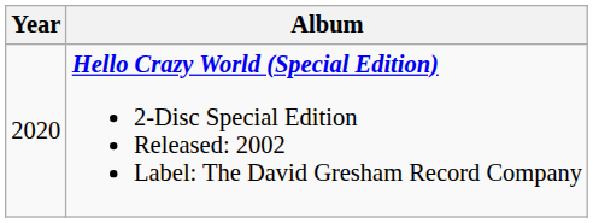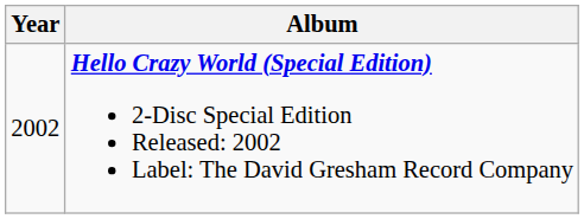 <table class="wikitable">
 <tr>
 <th>Year</th>
 <th>Album</th>
 </tr>
 <tr>
-<td>2020</td>
+<td>2002</td>
 <td><strong><em><a href='#'>Hello Crazy World (Special Edition)</a></em></strong><br><ul><li>2-Disc Special Edition</li><li>Released: 2002</li><li>Label: The David Gresham Record Company</li></ul></td>
 </tr>
 </table>
